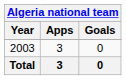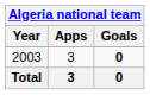 <table class="wikitable" style="text-align:center">
 <tr>
 <th colspan=3><a href='#'>Algeria national team</a></th>
 </tr>
 <tr>
 <th>Year</th>
 <th>Apps</th>
 <th>Goals</th>
 </tr>
 <tr>
 </tr>
 <tr>
 <td>2003</td>
 <td>3</td>
-<td>0</td>
+<td><strong>0</strong></td>
 </tr>
 <tr>
 <th>Total</th>
 <th>3</th>
 <th>0</th>
 </tr>
 </table>
